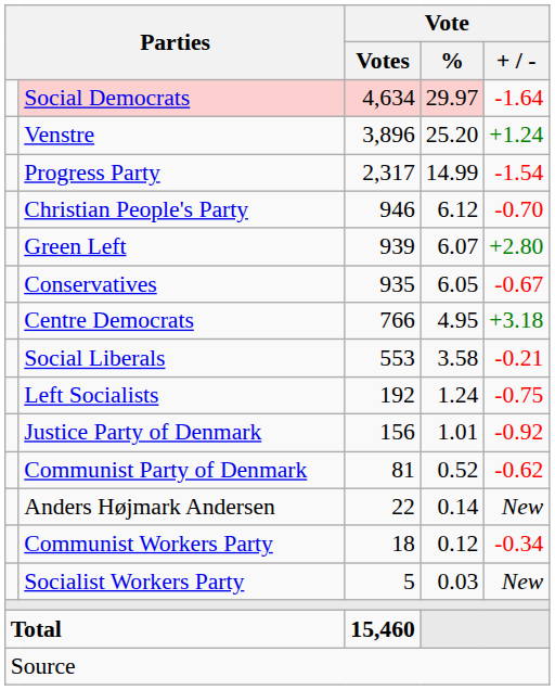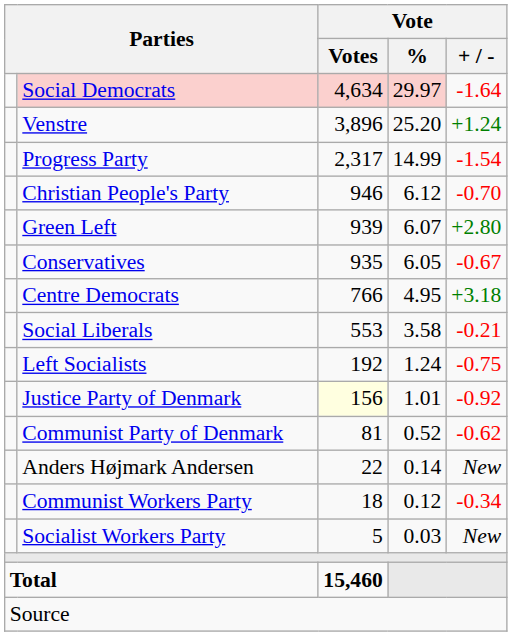 <table class="wikitable" style="text-align:right;">
 <tr>
 <th style="text-align:centre;" rowspan="2" colspan="2" width="225">Parties</th>
 <th colspan="3">Vote</th>
 </tr>
 <tr>
 <th width="15">Votes</th>
 <th width="15">%</th>
 <th width="15">+ / -</th>
 </tr>
 <tr>
 <td width="2" style="color:inherit;background:"></td>
 <td bgcolor=#fbd0ce  align="left"><a href='#'>Social Democrats</a></td>
 <td bgcolor=#fbd0ce>4,634</td>
 <td bgcolor=#fbd0ce>29.97</td>
 <td style=color:red;>-1.64</td>
 </tr>
 <tr>
 <td width="2" style="color:inherit;background:"></td>
 <td align="left"><a href='#'>Venstre</a></td>
 <td>3,896</td>
 <td>25.20</td>
 <td style=color:green;>+1.24</td>
 </tr>
 <tr>
 <td width="2" style="color:inherit;background:"></td>
 <td align="left"><a href='#'>Progress Party</a></td>
 <td>2,317</td>
 <td>14.99</td>
 <td style=color:red;>-1.54</td>
 </tr>
 <tr>
 <td width="2" style="color:inherit;background:"></td>
 <td align="left"><a href='#'>Christian People's Party</a></td>
 <td>946</td>
 <td>6.12</td>
 <td style=color:red;>-0.70</td>
 </tr>
 <tr>
 <td width="2" style="color:inherit;background:"></td>
 <td align="left"><a href='#'>Green Left</a></td>
 <td>939</td>
 <td>6.07</td>
 <td style=color:green;>+2.80</td>
 </tr>
 <tr>
 <td width="2" style="color:inherit;background:"></td>
 <td align="left"><a href='#'>Conservatives</a></td>
 <td>935</td>
 <td>6.05</td>
 <td style=color:red;>-0.67</td>
 </tr>
 <tr>
 <td width="2" style="color:inherit;background:"></td>
 <td align="left"><a href='#'>Centre Democrats</a></td>
 <td>766</td>
 <td>4.95</td>
 <td style=color:green;>+3.18</td>
 </tr>
 <tr>
 <td width="2" style="color:inherit;background:"></td>
 <td align="left"><a href='#'>Social Liberals</a></td>
 <td>553</td>
 <td>3.58</td>
 <td style=color:red;>-0.21</td>
 </tr>
 <tr>
 <td width="2" style="color:inherit;background:"></td>
 <td align="left"><a href='#'>Left Socialists</a></td>
 <td>192</td>
 <td>1.24</td>
 <td style=color:red;>-0.75</td>
 </tr>
 <tr>
 <td width="2" style="color:inherit;background:"></td>
 <td align="left"><a href='#'>Justice Party of Denmark</a></td>
-<td>156</td>
+<td style="background: lightyellow;">156</td>
 <td>1.01</td>
 <td style=color:red;>-0.92</td>
 </tr>
 <tr>
 <td width="2" style="color:inherit;background:"></td>
 <td align="left"><a href='#'>Communist Party of Denmark</a></td>
 <td>81</td>
 <td>0.52</td>
 <td style=color:red;>-0.62</td>
 </tr>
 <tr>
 <td width="2" style="color:inherit;background:"></td>
 <td align="left">Anders Højmark Andersen</td>
 <td>22</td>
 <td>0.14</td>
 <td><em>New</em></td>
 </tr>
 <tr>
 <td width="2" style="color:inherit;background:"></td>
 <td align="left"><a href='#'>Communist Workers Party</a></td>
 <td>18</td>
 <td>0.12</td>
 <td style=color:red;>-0.34</td>
 </tr>
 <tr>
 <td width="2" style="color:inherit;background:"></td>
 <td align="left"><a href='#'>Socialist Workers Party</a></td>
 <td>5</td>
 <td>0.03</td>
 <td><em>New</em></td>
 </tr>
 <tr>
 <td colspan="7" bgcolor="#E9E9E9"></td>
 </tr>
 <tr>
 <td align="left" colspan="2"><strong>Total</strong></td>
 <td><strong>15,460</strong></td>
 <td bgcolor="#E9E9E9" colspan="2"></td>
 </tr>
 <tr>
 <td align="left" colspan="6">Source</td>
 </tr>
 </table>
